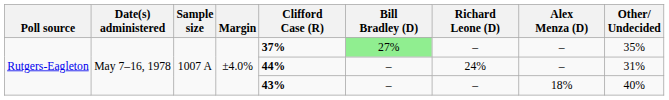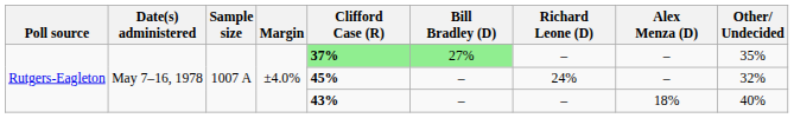 <table class="wikitable" style="font-size:90%">
 <tr valign=bottom>
 <th>Poll source</th>
 <th>Date(s)<br>administered</th>
 <th>Sample<br>size</th>
 <th>Margin<br></th>
 <th style="width:100px;">Clifford<br>Case (R)</th>
 <th style="width:100px;">Bill<br>Bradley (D)</th>
 <th style="width:100px;">Richard<br>Leone (D)</th>
 <th style="width:100px;">Alex<br>Menza (D)</th>
 <th>Other/<br>Undecided</th>
 </tr>
 <tr>
 <td rowspan="3"><a href='#'>Rutgers-Eagleton</a></td>
 <td align=center rowspan="3">May 7–16, 1978</td>
 <td align=center rowspan="3">1007 A</td>
 <td align=center rowspan="3">±4.0%</td>
-<td><strong>37%</strong></td>
+<td style="background: lightgreen;"><strong>37%</strong></td>
 <td align=center style="background: lightgreen;">27%</td>
 <td align=center>–</td>
 <td align=center>–</td>
 <td align=center>35%</td>
 </tr>
 <tr>
-<td><strong>44%</strong></td>
+<td><strong>45%</strong></td>
 <td align=center>–</td>
 <td align=center>24%</td>
 <td align=center>–</td>
-<td align=center>31%</td>
+<td align=center>32%</td>
 </tr>
 <tr>
 <td><strong>43%</strong></td>
 <td align=center>–</td>
 <td align=center>–</td>
 <td align=center>18%</td>
 <td align=center>40%</td>
 </tr>
 </table>
